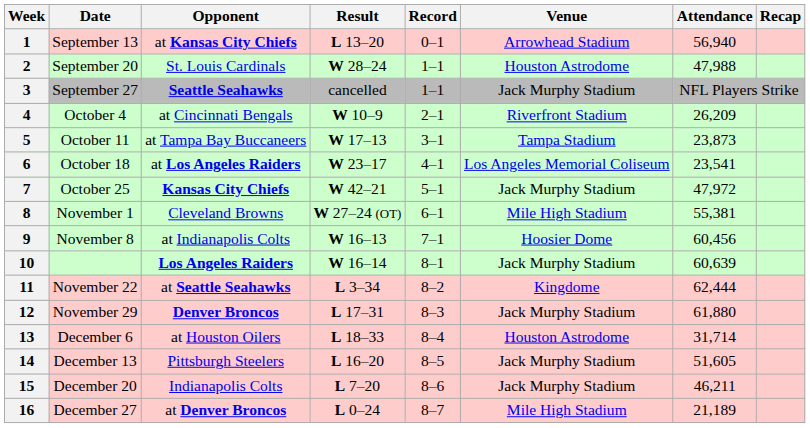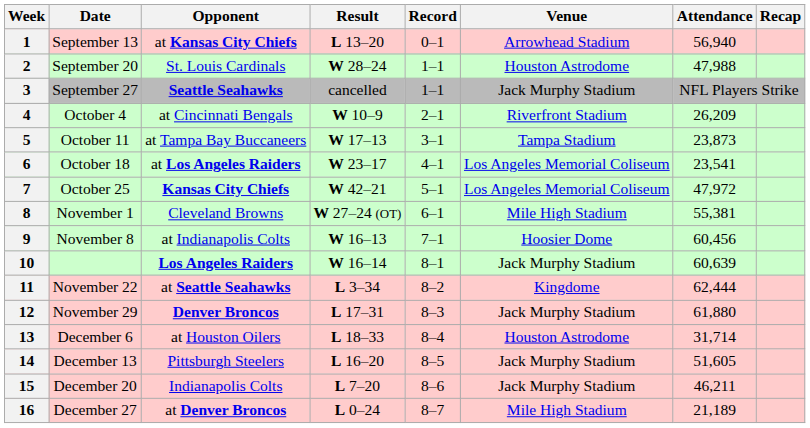 <table class="wikitable" style="text-align:center">
 <tr>
 <th>Week</th>
 <th>Date</th>
 <th>Opponent</th>
 <th>Result</th>
 <th>Record</th>
 <th>Venue</th>
 <th>Attendance</th>
 <th>Recap</th>
 </tr>
 <tr style="background:#fcc">
 <th>1</th>
 <td>September 13</td>
 <td>at <strong><a href='#'>Kansas City Chiefs</a></strong></td>
 <td><strong>L</strong> 13–20</td>
 <td>0–1</td>
 <td><a href='#'>Arrowhead Stadium</a></td>
 <td>56,940</td>
 <td></td>
 </tr>
 <tr style="background:#cfc">
 <th>2</th>
 <td>September 20</td>
 <td><a href='#'>St. Louis Cardinals</a></td>
 <td><strong>W</strong> 28–24</td>
 <td>1–1</td>
 <td><a href='#'>Houston Astrodome</a></td>
 <td>47,988</td>
 <td></td>
 </tr>
 <tr style="background:#bababa">
 <th>3</th>
 <td>September 27</td>
 <td><strong><a href='#'>Seattle Seahawks</a></strong></td>
 <td>cancelled</td>
 <td>1–1</td>
 <td>Jack Murphy Stadium</td>
 <td colspan=2>NFL Players Strike</td>
 </tr>
 <tr style="background:#cfc">
 <th>4</th>
 <td>October 4</td>
 <td>at <a href='#'>Cincinnati Bengals</a></td>
 <td><strong>W</strong> 10–9</td>
 <td>2–1</td>
 <td><a href='#'>Riverfront Stadium</a></td>
 <td>26,209</td>
 <td></td>
 </tr>
 <tr style="background:#cfc">
 <th>5</th>
 <td>October 11</td>
 <td>at <a href='#'>Tampa Bay Buccaneers</a></td>
 <td><strong>W</strong> 17–13</td>
 <td>3–1</td>
 <td><a href='#'>Tampa Stadium</a></td>
 <td>23,873</td>
 <td></td>
 </tr>
 <tr style="background:#cfc">
 <th>6</th>
 <td>October 18</td>
 <td>at <strong><a href='#'>Los Angeles Raiders</a></strong></td>
 <td><strong>W</strong> 23–17</td>
 <td>4–1</td>
 <td><a href='#'>Los Angeles Memorial Coliseum</a></td>
 <td>23,541</td>
 <td></td>
 </tr>
 <tr style="background:#cfc">
 <th>7</th>
 <td>October 25</td>
 <td><strong><a href='#'>Kansas City Chiefs</a></strong></td>
 <td><strong>W</strong> 42–21</td>
 <td>5–1</td>
-<td>Jack Murphy Stadium</td>
+<td><a href='#'>Los Angeles Memorial Coliseum</a></td>
 <td>47,972</td>
 <td></td>
 </tr>
 <tr style="background:#cfc">
 <th>8</th>
 <td>November 1</td>
 <td><a href='#'>Cleveland Browns</a></td>
 <td><strong>W</strong> 27–24 <small>(OT)</small></td>
 <td>6–1</td>
 <td><a href='#'>Mile High Stadium</a></td>
 <td>55,381</td>
 <td></td>
 </tr>
 <tr style="background:#cfc">
 <th>9</th>
 <td>November 8</td>
 <td>at <a href='#'>Indianapolis Colts</a></td>
 <td><strong>W</strong> 16–13</td>
 <td>7–1</td>
 <td><a href='#'>Hoosier Dome</a></td>
 <td>60,456</td>
 <td></td>
 </tr>
 <tr style="background:#cfc">
 <th>10</th>
 <td></td>
 <td><strong><a href='#'>Los Angeles Raiders</a></strong></td>
 <td><strong>W</strong> 16–14</td>
 <td>8–1</td>
 <td>Jack Murphy Stadium</td>
 <td>60,639</td>
 <td></td>
 </tr>
 <tr style="background:#fcc">
 <th>11</th>
 <td>November 22</td>
 <td>at <strong><a href='#'>Seattle Seahawks</a></strong></td>
 <td><strong>L</strong> 3–34</td>
 <td>8–2</td>
 <td><a href='#'>Kingdome</a></td>
 <td>62,444</td>
 <td></td>
 </tr>
 <tr style="background:#fcc">
 <th>12</th>
 <td>November 29</td>
 <td><strong><a href='#'>Denver Broncos</a></strong></td>
 <td><strong>L</strong> 17–31</td>
 <td>8–3</td>
 <td>Jack Murphy Stadium</td>
 <td>61,880</td>
 <td></td>
 </tr>
 <tr style="background:#fcc">
 <th>13</th>
 <td>December 6</td>
 <td>at <a href='#'>Houston Oilers</a></td>
 <td><strong>L</strong> 18–33</td>
 <td>8–4</td>
 <td><a href='#'>Houston Astrodome</a></td>
 <td>31,714</td>
 <td></td>
 </tr>
 <tr style="background:#fcc">
 <th>14</th>
 <td>December 13</td>
 <td><a href='#'>Pittsburgh Steelers</a></td>
 <td><strong>L</strong> 16–20</td>
 <td>8–5</td>
 <td>Jack Murphy Stadium</td>
 <td>51,605</td>
 <td></td>
 </tr>
 <tr style="background:#fcc">
 <th>15</th>
 <td>December 20</td>
 <td><a href='#'>Indianapolis Colts</a></td>
 <td><strong>L</strong> 7–20</td>
 <td>8–6</td>
 <td>Jack Murphy Stadium</td>
 <td>46,211</td>
 <td></td>
 </tr>
 <tr style="background:#fcc">
 <th>16</th>
 <td>December 27</td>
 <td>at <strong><a href='#'>Denver Broncos</a></strong></td>
 <td><strong>L</strong> 0–24</td>
 <td>8–7</td>
 <td><a href='#'>Mile High Stadium</a></td>
 <td>21,189</td>
 <td></td>
 </tr>
 </table>
